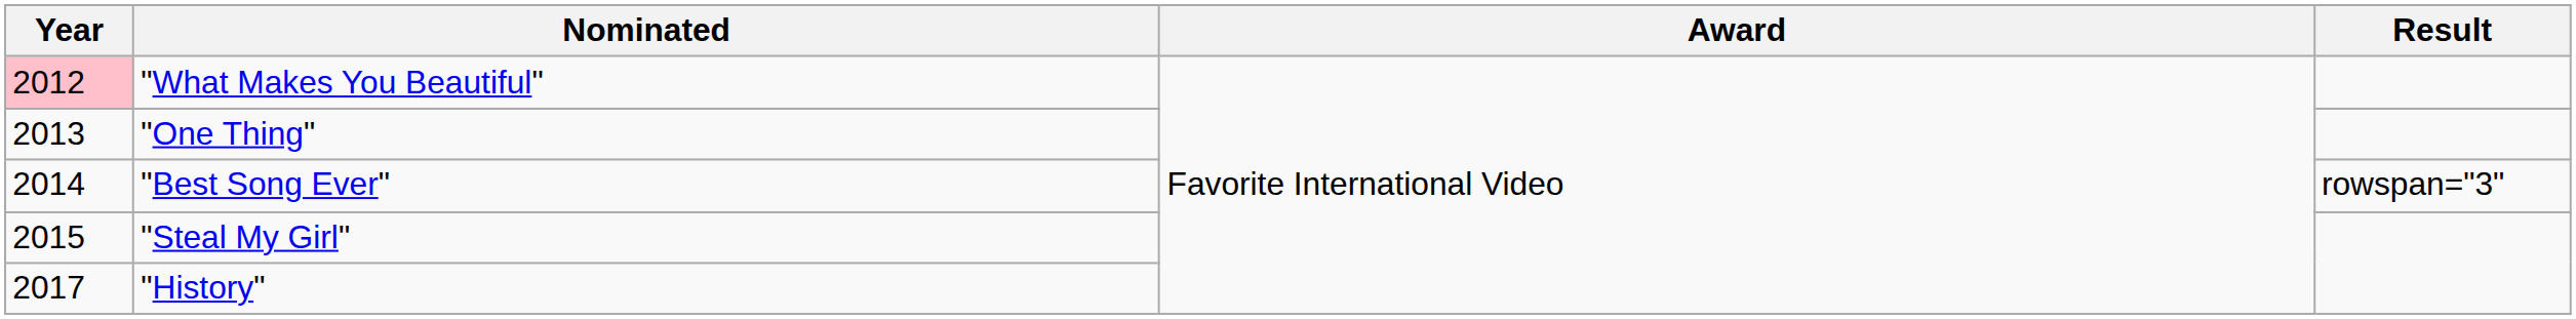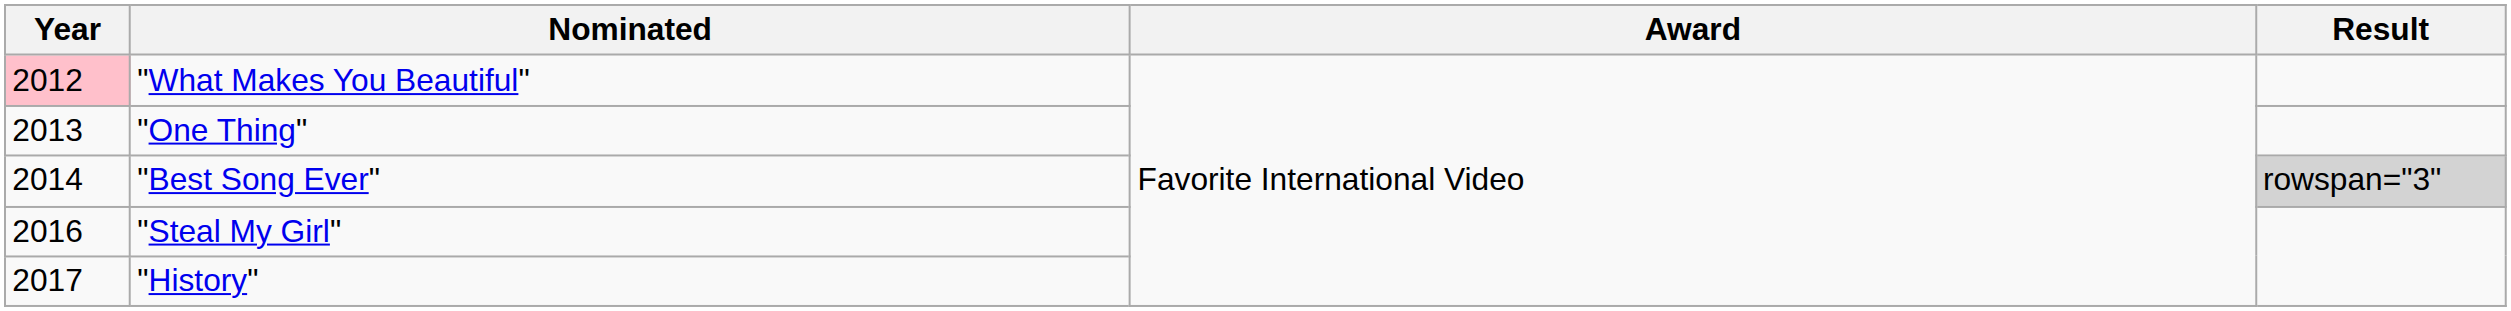 <table class="wikitable" style="width:100%;">
 <tr>
 <th width=5%>Year</th>
 <th style="width:40%;">Nominated</th>
 <th style="width:45%;">Award</th>
 <th style="width:10%;">Result</th>
 </tr>
 <tr>
 <td style="background: pink;">2012</td>
 <td>"<a href='#'>What Makes You Beautiful</a>"</td>
 <td rowspan="5">Favorite International Video</td>
 <td></td>
 </tr>
 <tr>
 <td>2013</td>
 <td>"<a href='#'>One Thing</a>"</td>
 <td></td>
 </tr>
 <tr>
 <td>2014</td>
 <td>"<a href='#'>Best Song Ever</a>"</td>
-<td>rowspan="3" </td>
+<td style="background: lightgrey;">rowspan="3" </td>
 </tr>
 <tr>
-<td>2015</td>
+<td>2016</td>
 <td>"<a href='#'>Steal My Girl</a>"</td>
 </tr>
 <tr>
 <td>2017</td>
 <td>"<a href='#'>History</a>"</td>
 </tr>
 </table>
